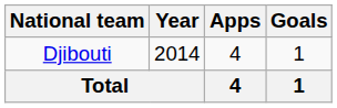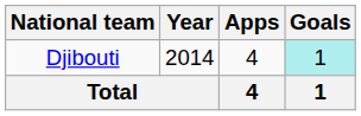 <table class="wikitable" style="text-align:center">
 <tr>
 <th>National team</th>
 <th>Year</th>
 <th>Apps</th>
 <th>Goals</th>
 </tr>
 <tr>
 <td rowspan="1"><a href='#'>Djibouti</a></td>
 <td>2014</td>
 <td>4</td>
-<td>1</td>
+<td style="background: paleturquoise;">1</td>
 </tr>
 <tr>
 <th colspan="2">Total</th>
 <th>4</th>
 <th>1</th>
 </tr>
 </table>
